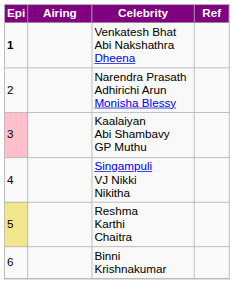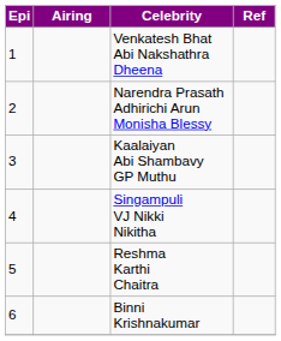 <table class="wikitable sortable">
 <tr>
 <th style="width:10pt; background:Purple;color:white">Epi</th>
 <th style="width:60pt; background:Purple;color:white">Airing</th>
 <th style="width:100pt; background:Purple;color:white">Celebrity</th>
 <th style="width:30pt; background:Purple;color:white">Ref</th>
 </tr>
 <tr>
-<td><strong>1</strong></td>
+<td>1</td>
 <td></td>
 <td>Venkatesh Bhat <br> Abi Nakshathra <br> <a href='#'>Dheena</a></td>
 <td></td>
 </tr>
 <tr>
 <td>2</td>
 <td></td>
 <td>Narendra Prasath <br> Adhirichi Arun <br> <a href='#'>Monisha Blessy</a></td>
 <td></td>
 </tr>
 <tr>
-<td style="background: pink;">3</td>
+<td>3</td>
 <td></td>
 <td>Kaalaiyan <br> Abi Shambavy <br> GP Muthu</td>
 <td></td>
 </tr>
 <tr>
 <td>4</td>
 <td></td>
 <td><a href='#'>Singampuli</a> <br> VJ Nikki <br> Nikitha</td>
 <td></td>
 </tr>
 <tr>
-<td style="background: khaki;">5</td>
+<td>5</td>
 <td></td>
 <td>Reshma<br>Karthi<br>Chaitra</td>
 <td></td>
 </tr>
 <tr>
 <td>6</td>
 <td></td>
 <td>Binni Krishnakumar</td>
 <td></td>
 </tr>
 <tr>
 </tr>
 </table>
